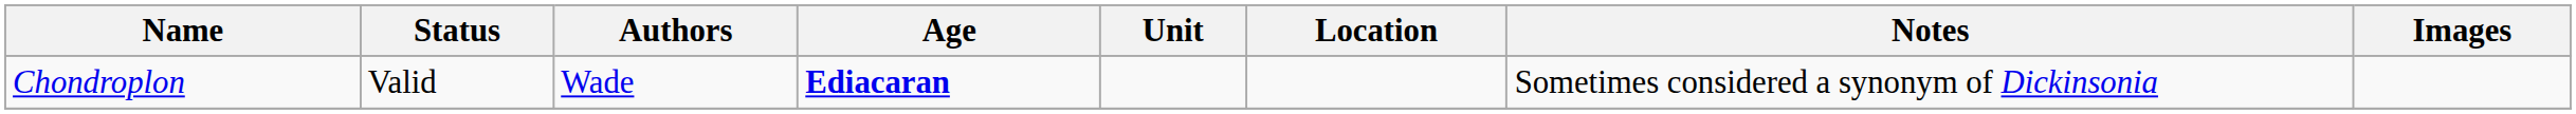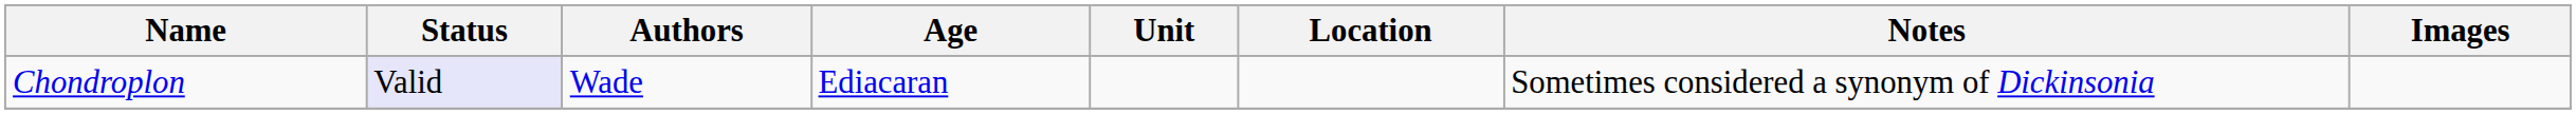 <table class="wikitable sortable" align="center" width="100%">
 <tr>
 <th>Name</th>
 <th>Status</th>
 <th>Authors</th>
 <th>Age</th>
 <th>Unit</th>
 <th>Location</th>
 <th width="33%" class="unsortable">Notes</th>
 <th class="unsortable">Images</th>
 </tr>
 <tr>
 <td><em><a href='#'>Chondroplon</a></em></td>
-<td>Valid</td>
+<td style="background: lavender;">Valid</td>
 <td><a href='#'>Wade</a></td>
-<td><strong><a href='#'>Ediacaran</a></strong></td>
+<td><a href='#'>Ediacaran</a></td>
 <td></td>
 <td> </td>
 <td>Sometimes considered a synonym of <em><a href='#'>Dickinsonia</a></em></td>
 <td></td>
 </tr>
 <tr>
 </tr>
 </table>
